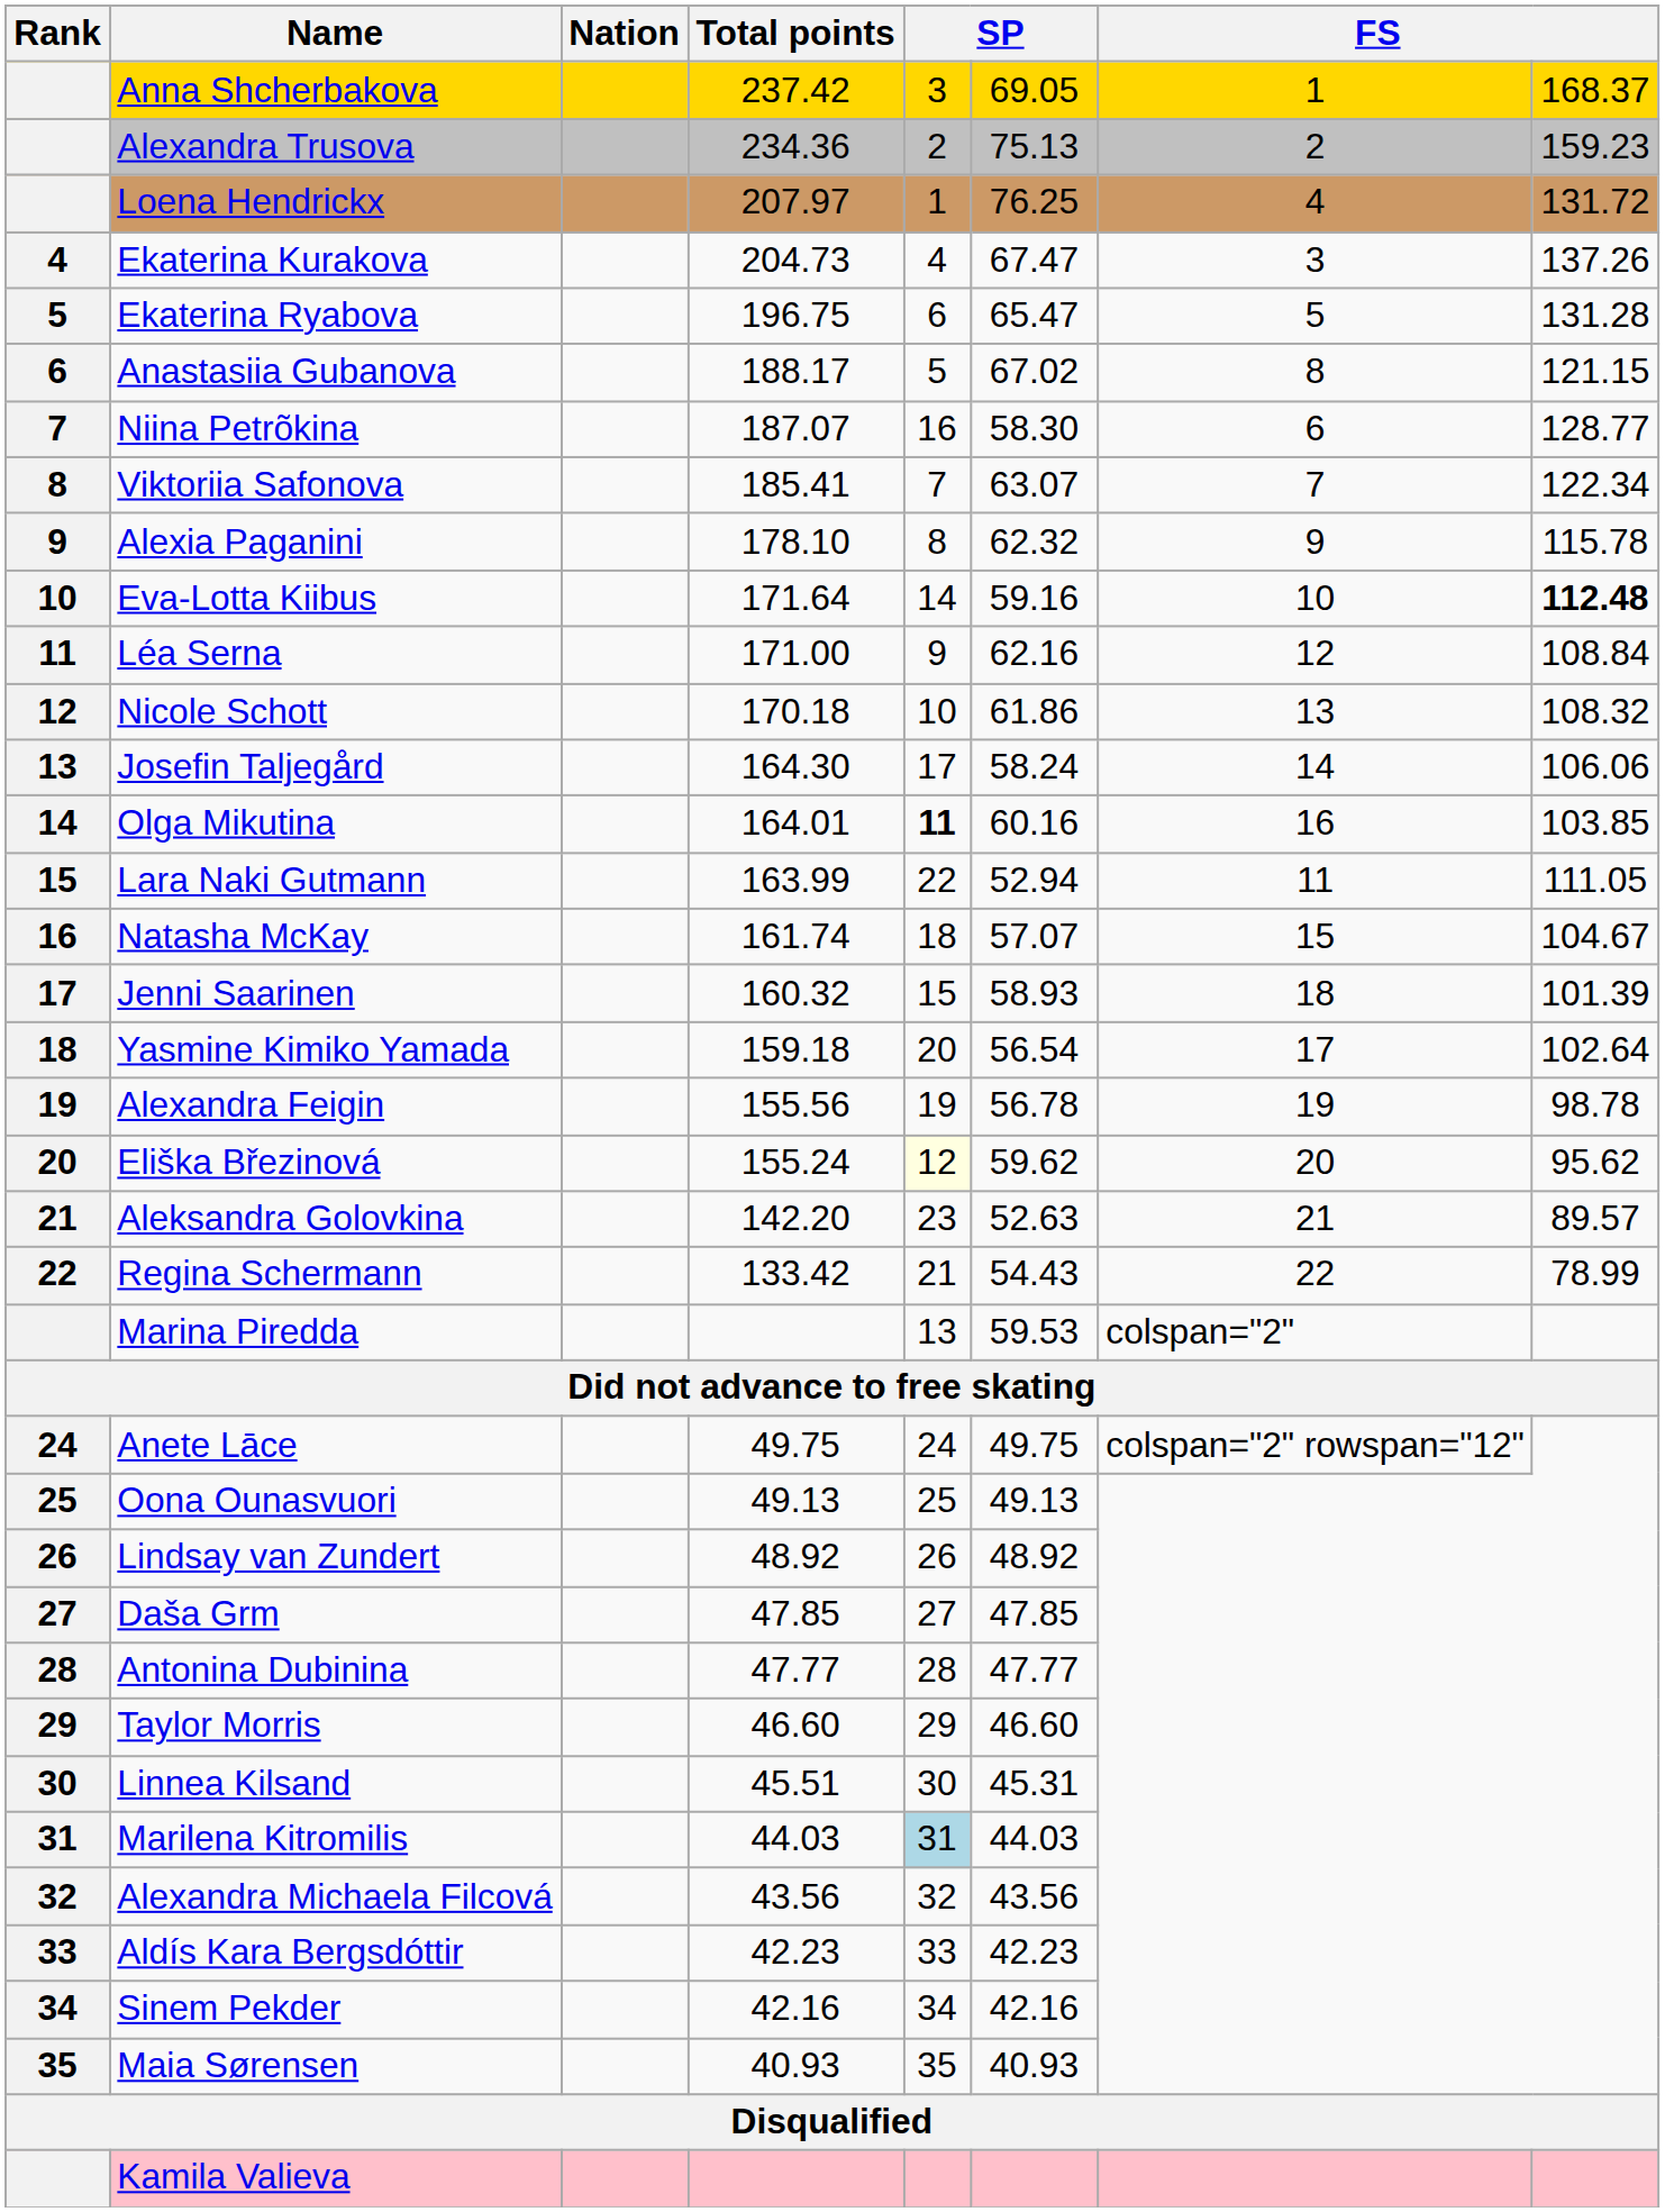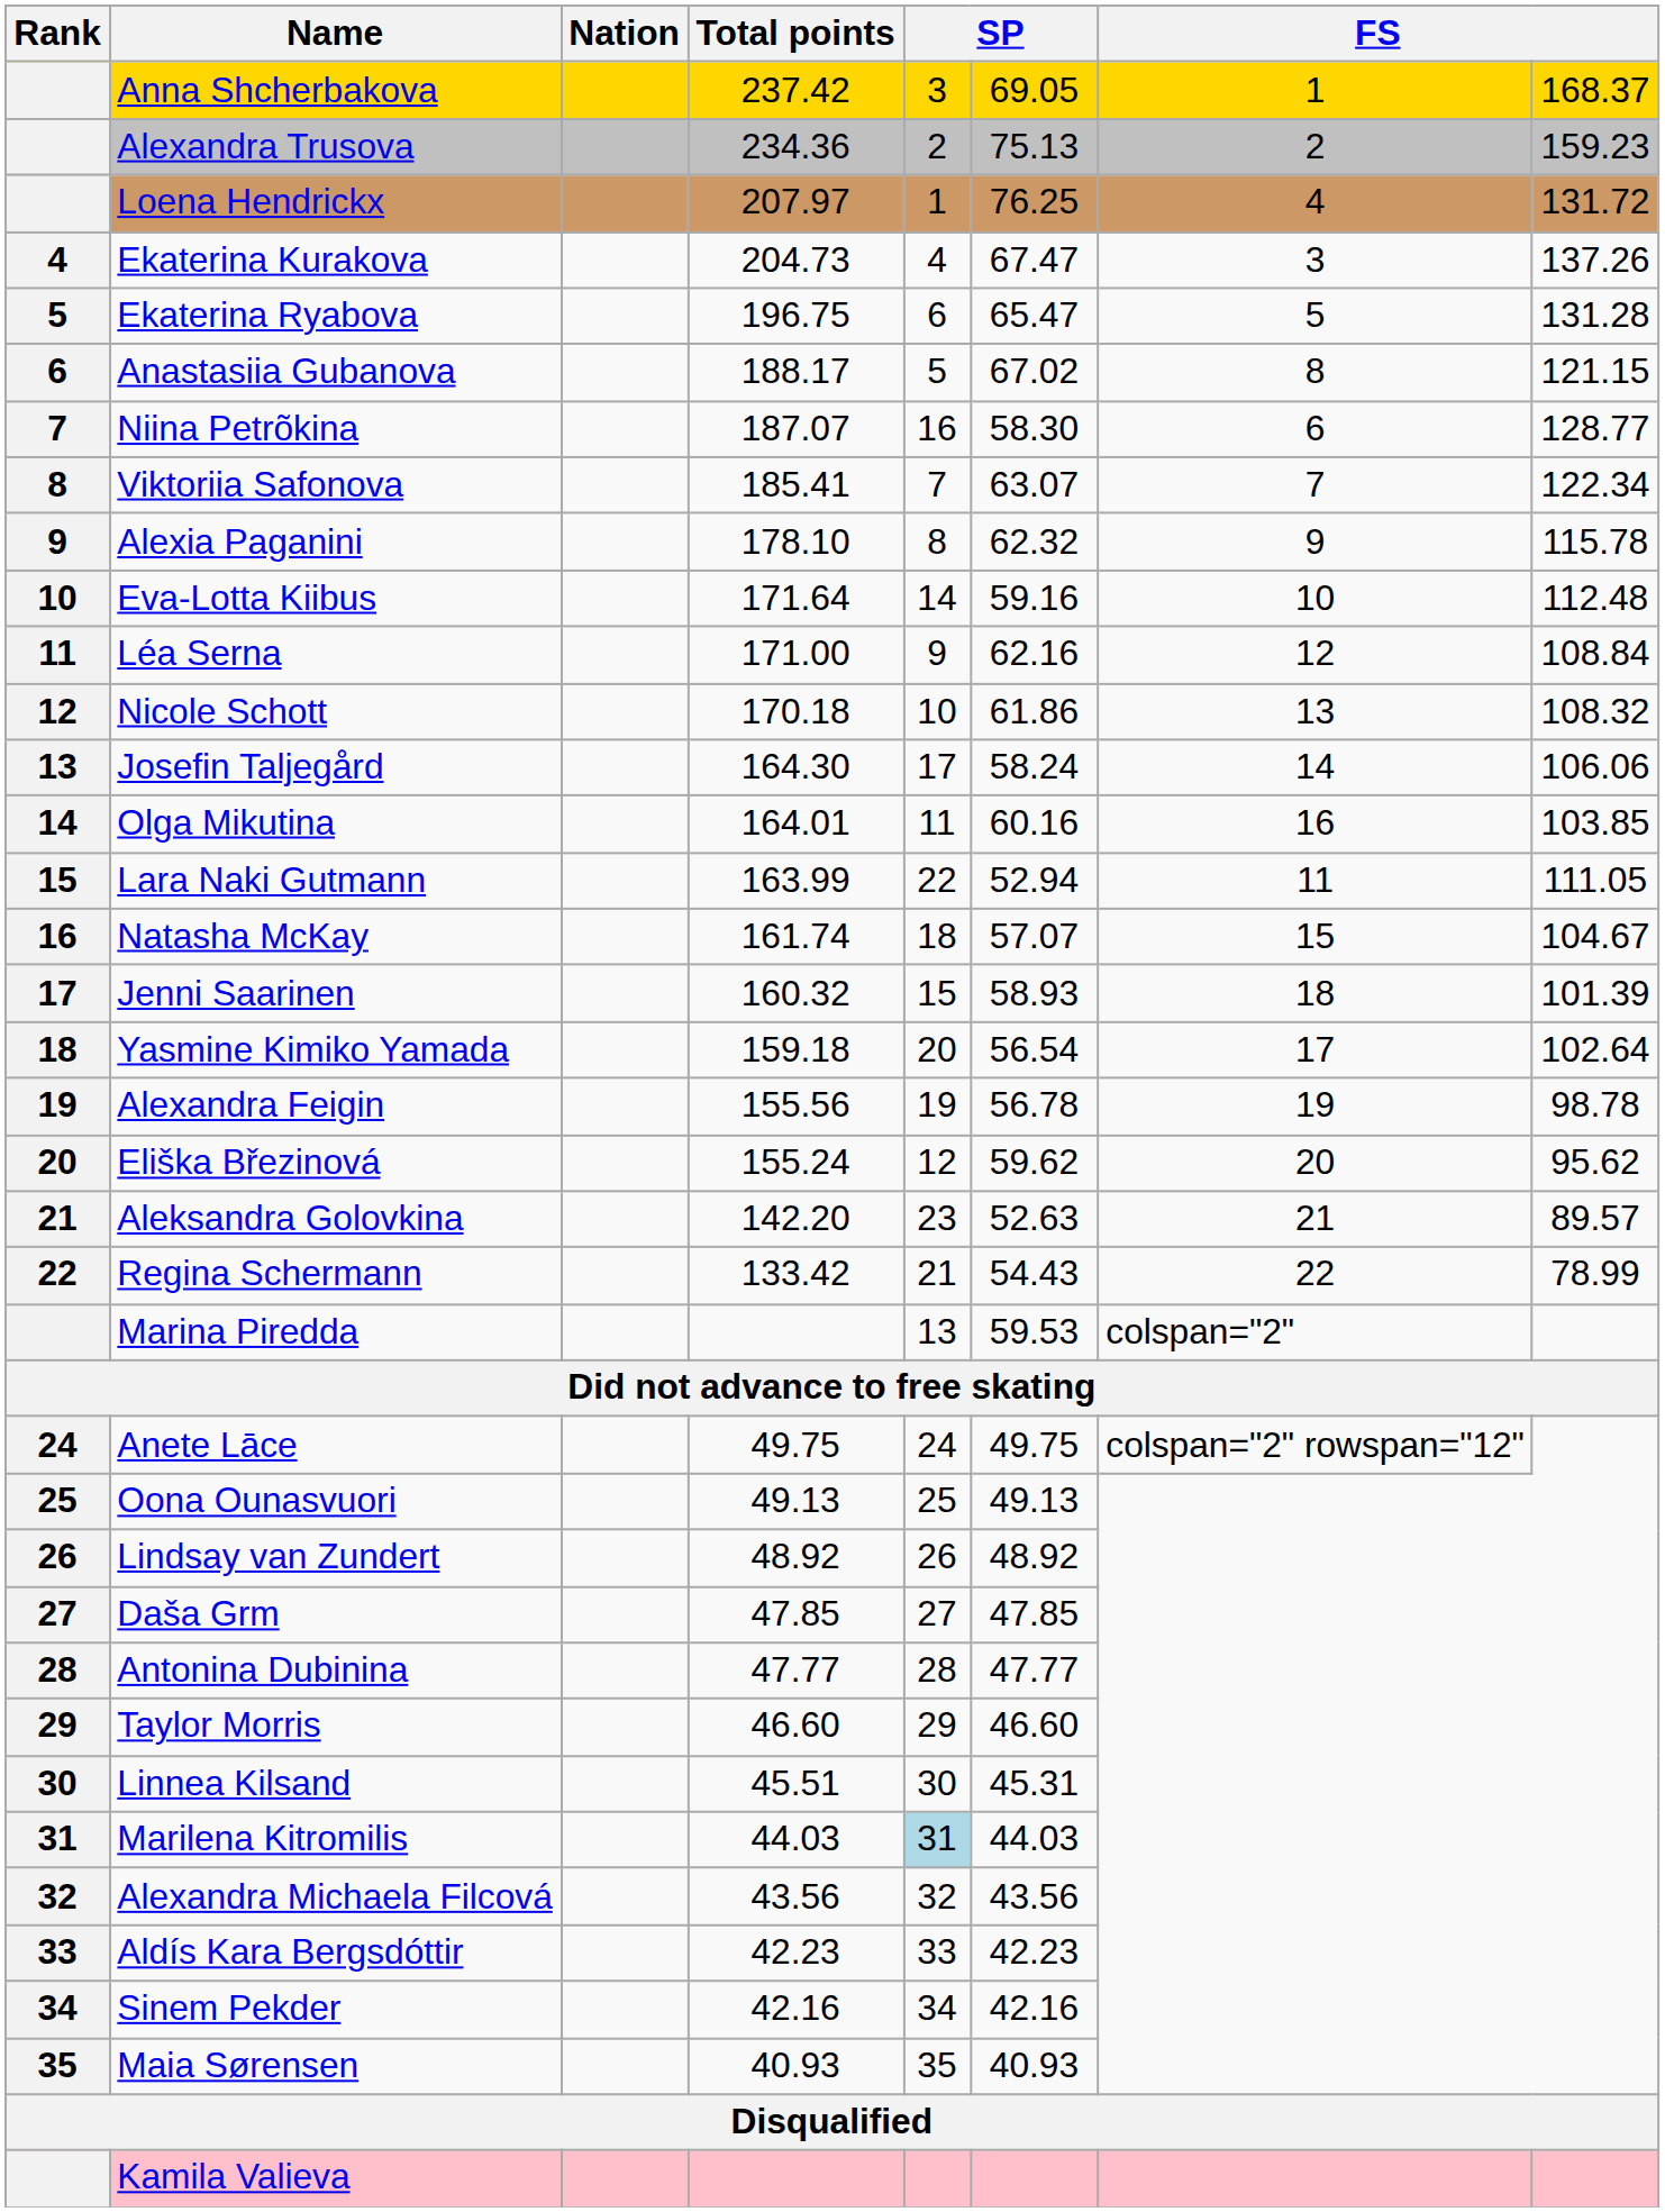 <table class="wikitable sortable" style="text-align:left">
 <tr>
 <th scope="col">Rank</th>
 <th scope="col">Name</th>
 <th scope="col">Nation</th>
 <th scope="col">Total points</th>
 <th scope="col" colspan="2" width="80px"><a href='#'>SP</a></th>
 <th scope="col" colspan="2" width="80px"><a href='#'>FS</a></th>
 </tr>
 <tr bgcolor="gold">
 <th scope="row"></th>
 <td><a href='#'>Anna Shcherbakova</a></td>
 <td></td>
 <td align="center">237.42</td>
 <td align="center">3</td>
 <td align="center">69.05</td>
 <td align="center">1</td>
 <td align="center">168.37</td>
 </tr>
 <tr bgcolor=silver>
 <th scope="row"></th>
 <td><a href='#'>Alexandra Trusova</a></td>
 <td></td>
 <td align="center">234.36</td>
 <td align="center">2</td>
 <td align="center">75.13</td>
 <td align="center">2</td>
 <td align="center">159.23</td>
 </tr>
 <tr bgcolor="cc9966">
 <th scope="row"></th>
 <td><a href='#'>Loena Hendrickx</a></td>
 <td></td>
 <td align="center">207.97</td>
 <td align="center">1</td>
 <td align="center">76.25</td>
 <td align="center">4</td>
 <td align="center">131.72</td>
 </tr>
 <tr>
 <th scope="row">4</th>
 <td><a href='#'>Ekaterina Kurakova</a></td>
 <td></td>
 <td align="center">204.73</td>
 <td align="center">4</td>
 <td align="center">67.47</td>
 <td align="center">3</td>
 <td align="center">137.26</td>
 </tr>
 <tr>
 <th scope="row">5</th>
 <td><a href='#'>Ekaterina Ryabova</a></td>
 <td></td>
 <td align="center">196.75</td>
 <td align="center">6</td>
 <td align="center">65.47</td>
 <td align="center">5</td>
 <td align="center">131.28</td>
 </tr>
 <tr>
 <th scope="row">6</th>
 <td><a href='#'>Anastasiia Gubanova</a></td>
 <td></td>
 <td align="center">188.17</td>
 <td align="center">5</td>
 <td align="center">67.02</td>
 <td align="center">8</td>
 <td align="center">121.15</td>
 </tr>
 <tr>
 <th scope="row">7</th>
 <td><a href='#'>Niina Petrõkina</a></td>
 <td></td>
 <td align="center">187.07</td>
 <td align="center">16</td>
 <td align="center">58.30</td>
 <td align="center">6</td>
 <td align="center">128.77</td>
 </tr>
 <tr>
 <th scope="row">8</th>
 <td><a href='#'>Viktoriia Safonova</a></td>
 <td></td>
 <td align="center">185.41</td>
 <td align="center">7</td>
 <td align="center">63.07</td>
 <td align="center">7</td>
 <td align="center">122.34</td>
 </tr>
 <tr>
 <th scope="row">9</th>
 <td><a href='#'>Alexia Paganini</a></td>
 <td></td>
 <td align="center">178.10</td>
 <td align="center">8</td>
 <td align="center">62.32</td>
 <td align="center">9</td>
 <td align="center">115.78</td>
 </tr>
 <tr>
 <th scope="row">10</th>
 <td><a href='#'>Eva-Lotta Kiibus</a></td>
 <td></td>
 <td align="center">171.64</td>
 <td align="center">14</td>
 <td align="center">59.16</td>
 <td align="center">10</td>
-<td align="center"><strong>112.48</strong></td>
+<td align="center">112.48</td>
 </tr>
 <tr>
 <th scope="row">11</th>
 <td><a href='#'>Léa Serna</a></td>
 <td></td>
 <td align="center">171.00</td>
 <td align="center">9</td>
 <td align="center">62.16</td>
 <td align="center">12</td>
 <td align="center">108.84</td>
 </tr>
 <tr>
 <th scope="row">12</th>
 <td><a href='#'>Nicole Schott</a></td>
 <td></td>
 <td align="center">170.18</td>
 <td align="center">10</td>
 <td align="center">61.86</td>
 <td align="center">13</td>
 <td align="center">108.32</td>
 </tr>
 <tr>
 <th scope="row">13</th>
 <td><a href='#'>Josefin Taljegård</a></td>
 <td></td>
 <td align="center">164.30</td>
 <td align="center">17</td>
 <td align="center">58.24</td>
 <td align="center">14</td>
 <td align="center">106.06</td>
 </tr>
 <tr>
 <th scope="row">14</th>
 <td><a href='#'>Olga Mikutina</a></td>
 <td></td>
 <td align="center">164.01</td>
-<td align="center"><strong>11</strong></td>
+<td align="center">11</td>
 <td align="center">60.16</td>
 <td align="center">16</td>
 <td align="center">103.85</td>
 </tr>
 <tr>
 <th scope="row">15</th>
 <td><a href='#'>Lara Naki Gutmann</a></td>
 <td></td>
 <td align="center">163.99</td>
 <td align="center">22</td>
 <td align="center">52.94</td>
 <td align="center">11</td>
 <td align="center">111.05</td>
 </tr>
 <tr>
 <th scope="row">16</th>
 <td><a href='#'>Natasha McKay</a></td>
 <td></td>
 <td align="center">161.74</td>
 <td align="center">18</td>
 <td align="center">57.07</td>
 <td align="center">15</td>
 <td align="center">104.67</td>
 </tr>
 <tr>
 <th scope="row">17</th>
 <td><a href='#'>Jenni Saarinen</a></td>
 <td></td>
 <td align="center">160.32</td>
 <td align="center">15</td>
 <td align="center">58.93</td>
 <td align="center">18</td>
 <td align="center">101.39</td>
 </tr>
 <tr>
 <th scope="row">18</th>
 <td><a href='#'>Yasmine Kimiko Yamada</a></td>
 <td></td>
 <td align="center">159.18</td>
 <td align="center">20</td>
 <td align="center">56.54</td>
 <td align="center">17</td>
 <td align="center">102.64</td>
 </tr>
 <tr>
 <th scope="row">19</th>
 <td><a href='#'>Alexandra Feigin</a></td>
 <td></td>
 <td align="center">155.56</td>
 <td align="center">19</td>
 <td align="center">56.78</td>
 <td align="center">19</td>
 <td align="center">98.78</td>
 </tr>
 <tr>
 <th scope="row">20</th>
 <td><a href='#'>Eliška Březinová</a></td>
 <td></td>
 <td align="center">155.24</td>
-<td align="center" style="background: lightyellow;">12</td>
+<td align="center">12</td>
 <td align="center">59.62</td>
 <td align="center">20</td>
 <td align="center">95.62</td>
 </tr>
 <tr>
 <th scope="row">21</th>
 <td><a href='#'>Aleksandra Golovkina</a></td>
 <td></td>
 <td align="center">142.20</td>
 <td align="center">23</td>
 <td align="center">52.63</td>
 <td align="center">21</td>
 <td align="center">89.57</td>
 </tr>
 <tr>
 <th scope="row">22</th>
 <td><a href='#'>Regina Schermann</a></td>
 <td></td>
 <td align="center">133.42</td>
 <td align="center">21</td>
 <td align="center">54.43</td>
 <td align="center">22</td>
 <td align="center">78.99</td>
 </tr>
 <tr>
 <th scope="row"></th>
 <td><a href='#'>Marina Piredda</a></td>
 <td></td>
 <td></td>
 <td align="center">13</td>
 <td align="center">59.53</td>
 <td>colspan="2" </td>
 </tr>
 <tr>
 <th colspan=8>Did not advance to free skating</th>
 </tr>
 <tr>
 <th scope="row">24</th>
 <td><a href='#'>Anete Lāce</a></td>
 <td></td>
 <td align="center">49.75</td>
 <td align="center">24</td>
 <td align="center">49.75</td>
 <td>colspan="2" rowspan="12" </td>
 </tr>
 <tr>
 <th scope="row">25</th>
 <td><a href='#'>Oona Ounasvuori</a></td>
 <td></td>
 <td align="center">49.13</td>
 <td align="center">25</td>
 <td align="center">49.13</td>
 </tr>
 <tr>
 <th scope="row">26</th>
 <td><a href='#'>Lindsay van Zundert</a></td>
 <td></td>
 <td align="center">48.92</td>
 <td align="center">26</td>
 <td align="center">48.92</td>
 </tr>
 <tr>
 <th scope="row">27</th>
 <td><a href='#'>Daša Grm</a></td>
 <td></td>
 <td align="center">47.85</td>
 <td align="center">27</td>
 <td align="center">47.85</td>
 </tr>
 <tr>
 <th scope="row">28</th>
 <td><a href='#'>Antonina Dubinina</a></td>
 <td></td>
 <td align="center">47.77</td>
 <td align="center">28</td>
 <td align="center">47.77</td>
 </tr>
 <tr>
 <th scope="row">29</th>
 <td><a href='#'>Taylor Morris</a></td>
 <td></td>
 <td align="center">46.60</td>
 <td align="center">29</td>
 <td align="center">46.60</td>
 </tr>
 <tr>
 <th scope="row">30</th>
 <td><a href='#'>Linnea Kilsand</a></td>
 <td></td>
 <td align="center">45.51</td>
 <td align="center">30</td>
 <td align="center">45.31</td>
 </tr>
 <tr>
 <th scope="row">31</th>
 <td><a href='#'>Marilena Kitromilis</a></td>
 <td></td>
 <td align="center">44.03</td>
 <td align="center" style="background: lightblue;">31</td>
 <td align="center">44.03</td>
 </tr>
 <tr>
 <th scope="row">32</th>
 <td><a href='#'>Alexandra Michaela Filcová</a></td>
 <td></td>
 <td align="center">43.56</td>
 <td align="center">32</td>
 <td align="center">43.56</td>
 </tr>
 <tr>
 <th scope="row">33</th>
 <td><a href='#'>Aldís Kara Bergsdóttir</a></td>
 <td></td>
 <td align="center">42.23</td>
 <td align="center">33</td>
 <td align="center">42.23</td>
 </tr>
 <tr>
 <th scope="row">34</th>
 <td><a href='#'>Sinem Pekder</a></td>
 <td></td>
 <td align="center">42.16</td>
 <td align="center">34</td>
 <td align="center">42.16</td>
 </tr>
 <tr>
 <th scope="row">35</th>
 <td><a href='#'>Maia Sørensen</a></td>
 <td></td>
 <td align="center">40.93</td>
 <td align="center">35</td>
 <td align="center">40.93</td>
 </tr>
 <tr>
 <th colspan=8>Disqualified</th>
 </tr>
 <tr bgcolor=pink>
 <th scope="row"></th>
 <td><a href='#'>Kamila Valieva</a></td>
 <td></td>
 <td align="center"></td>
 <td align="center"></td>
 <td align="center"></td>
 <td align="center"></td>
 <td align="center"></td>
 </tr>
 </table>
